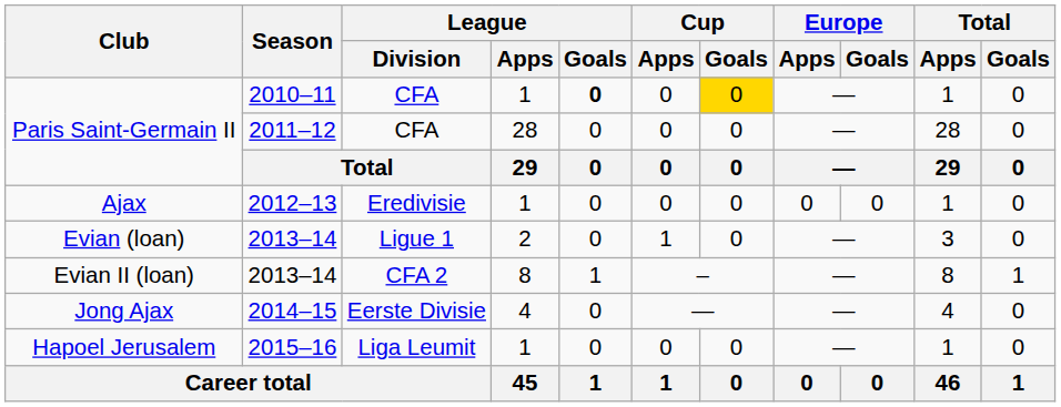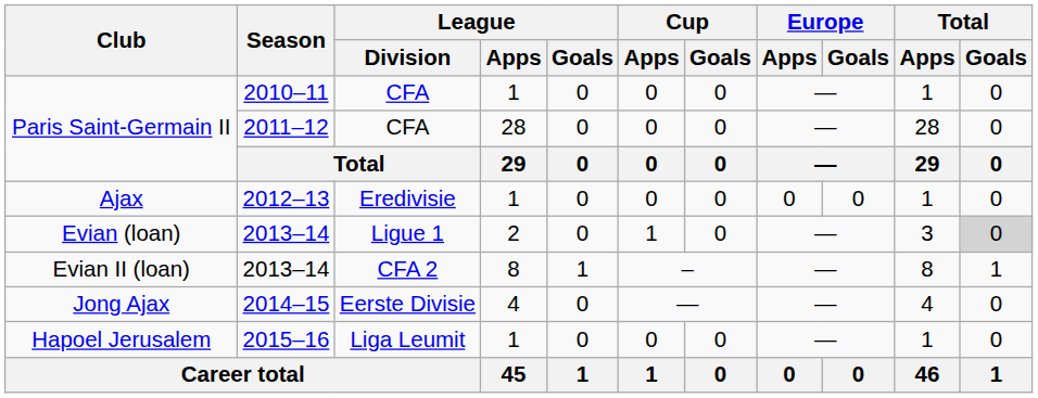 <table class="wikitable" style="text-align:center">
 <tr>
 <th rowspan=2 width=160>Club</th>
 <th rowspan="2">Season</th>
 <th colspan="3">League</th>
 <th colspan="2">Cup</th>
 <th colspan="2"><a href='#'>Europe</a></th>
 <th colspan="2">Total</th>
 </tr>
 <tr>
 <th>Division</th>
 <th width="40">Apps</th>
 <th width="40">Goals</th>
 <th width="40">Apps</th>
 <th width="40">Goals</th>
 <th width="40">Apps</th>
 <th width="40">Goals</th>
 <th width="40">Apps</th>
 <th width="40">Goals</th>
 </tr>
 <tr>
 <td rowspan="3"><a href='#'>Paris Saint-Germain</a> II</td>
 <td><a href='#'>2010–11</a></td>
 <td><a href='#'>CFA</a></td>
 <td>1</td>
-<td><strong>0</strong></td>
 <td>0</td>
-<td style="background: gold;">0</td>
+<td>0</td>
+<td>0</td>
 <td colspan="2">—</td>
 <td>1</td>
 <td>0</td>
 </tr>
 <tr>
 <td><a href='#'>2011–12</a></td>
 <td>CFA</td>
 <td>28</td>
 <td>0</td>
 <td>0</td>
 <td>0</td>
 <td colspan="2">—</td>
 <td>28</td>
 <td>0</td>
 </tr>
 <tr>
 <th colspan="2">Total</th>
 <th>29</th>
 <th>0</th>
 <th>0</th>
 <th>0</th>
 <th colspan="2">—</th>
 <th>29</th>
 <th>0</th>
 </tr>
 <tr>
 <td><a href='#'>Ajax</a></td>
 <td><a href='#'>2012–13</a></td>
 <td><a href='#'>Eredivisie</a></td>
 <td>1</td>
 <td>0</td>
 <td>0</td>
 <td>0</td>
 <td>0</td>
 <td>0</td>
 <td>1</td>
 <td>0</td>
 </tr>
 <tr>
 <td><a href='#'>Evian</a> (loan)</td>
 <td><a href='#'>2013–14</a></td>
 <td><a href='#'>Ligue 1</a></td>
 <td>2</td>
 <td>0</td>
 <td>1</td>
 <td>0</td>
 <td colspan="2">—</td>
 <td>3</td>
-<td>0</td>
+<td style="background: lightgrey;">0</td>
 </tr>
 <tr>
 <td>Evian II (loan)</td>
 <td>2013–14</td>
 <td><a href='#'>CFA 2</a></td>
 <td>8</td>
 <td>1</td>
 <td colspan="2">–</td>
 <td colspan="2">—</td>
 <td>8</td>
 <td>1</td>
 </tr>
 <tr>
 <td><a href='#'>Jong Ajax</a></td>
 <td><a href='#'>2014–15</a></td>
 <td><a href='#'>Eerste Divisie</a></td>
 <td>4</td>
 <td>0</td>
 <td colspan="2">—</td>
 <td colspan="2">—</td>
 <td>4</td>
 <td>0</td>
 </tr>
 <tr>
 <td><a href='#'>Hapoel Jerusalem</a></td>
 <td><a href='#'>2015–16</a></td>
 <td><a href='#'>Liga Leumit</a></td>
 <td>1</td>
 <td>0</td>
 <td>0</td>
 <td>0</td>
 <td colspan="2">—</td>
 <td>1</td>
 <td>0</td>
 </tr>
 <tr>
 <th colspan="3">Career total</th>
 <th>45</th>
 <th>1</th>
 <th>1</th>
 <th>0</th>
 <th>0</th>
 <th>0</th>
 <th>46</th>
 <th>1</th>
 </tr>
 </table>
